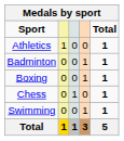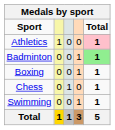 <table class="wikitable" style="font-size:85%; text-align:center;">
 <tr style="background:#efefef;">
 <th colspan=5><strong>Medals by sport</strong></th>
 </tr>
 <tr>
 <td><strong>Sport</strong></td>
 <td style="background:#f7f6a8;"></td>
 <td style="background:#dce5e5;"></td>
 <td style="background:#ffdab9;"></td>
 <td><strong>Total</strong></td>
 </tr>
 <tr>
 <td><a href='#'>Athletics</a></td>
 <td style="background:#F7F6A8;">1</td>
 <td style="background:#DCE5E5;">0</td>
 <td style="background:#FFDAB9;">0</td>
-<td><strong>1</strong></td>
+<td style="background: pink;"><strong>1</strong></td>
 </tr>
 <tr>
 <td><a href='#'>Badminton</a></td>
 <td style="background:#F7F6A8;">0</td>
 <td style="background:#DCE5E5;">0</td>
 <td style="background:#FFDAB9;">1</td>
-<td><strong>1</strong></td>
+<td style="background: lightgreen;"><strong>1</strong></td>
 </tr>
 <tr>
 <td><a href='#'>Boxing</a></td>
 <td style="background:#F7F6A8;">0</td>
 <td style="background:#DCE5E5;">0</td>
 <td style="background:#FFDAB9;">1</td>
 <td><strong>1</strong></td>
 </tr>
 <tr>
 <td><a href='#'>Chess</a></td>
 <td style="background:#F7F6A8;">0</td>
 <td style="background:#DCE5E5;">1</td>
 <td style="background:#FFDAB9;">0</td>
 <td><strong>1</strong></td>
 </tr>
 <tr>
 <td><a href='#'>Swimming</a></td>
 <td style="background:#F7F6A8;">0</td>
 <td style="background:#DCE5E5;">0</td>
 <td style="background:#FFDAB9;">1</td>
 <td><strong>1</strong></td>
 </tr>
 <tr>
 <th>Total</th>
 <th style="background:gold;">1</th>
 <th style="background:silver;">1</th>
 <th style="background:#c96;">3</th>
 <th>5</th>
 </tr>
 </table>
